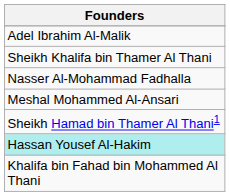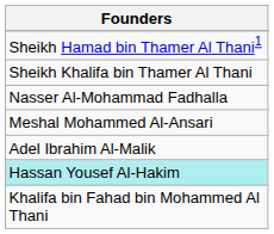 <table class="wikitable collapsible collapsed" cellpadding="4" border=0 cellspacing="0" style="margin: 0.5em 1em 0.5em 0; LightSkyBlue: #f9f9f9; border: 0px #aaa solid; border-collapse: collapse; font-size: 88%;">
 <tr>
 <th width="230">Founders</th>
 </tr>
 <tr align=center>
 </tr>
 <tr>
 </tr>
 <tr>
-<td> Adel Ibrahim Al-Malik</td>
+<td> Sheikh <a href='#'>Hamad bin Thamer Al Thani</a><sup><a href='#'>1</a></sup></td>
 </tr>
 <tr>
 <td> Sheikh Khalifa bin Thamer Al Thani</td>
 </tr>
 <tr>
 <td> Nasser Al-Mohammad Fadhalla</td>
 </tr>
 <tr>
 <td> Meshal Mohammed Al-Ansari</td>
 </tr>
 <tr>
-<td> Sheikh <a href='#'>Hamad bin Thamer Al Thani</a><sup><a href='#'>1</a></sup></td>
+<td> Adel Ibrahim Al-Malik</td>
 </tr>
 <tr>
 <td style="background: paleturquoise;"> Hassan Yousef Al-Hakim</td>
 </tr>
 <tr>
 <td> Khalifa bin Fahad bin Mohammed Al Thani</td>
 </tr>
 <tr>
 </tr>
 </table>
